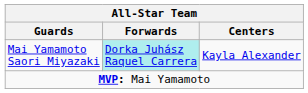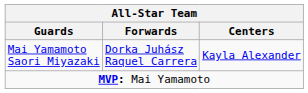 <table class=wikitable style="margin:auto">
 <tr>
 <th colspan=3 align=center>All-Star Team</th>
 </tr>
 <tr>
 <th>Guards</th>
 <th>Forwards</th>
 <th>Centers</th>
 </tr>
 <tr>
 <td> <a href='#'>Mai Yamamoto</a><br> <a href='#'>Saori Miyazaki</a></td>
-<td valign=center style="background: paleturquoise;"> <a href='#'>Dorka Juhász</a><br> <a href='#'>Raquel Carrera</a></td>
+<td valign=center> <a href='#'>Dorka Juhász</a><br> <a href='#'>Raquel Carrera</a></td>
 <td> <a href='#'>Kayla Alexander</a></td>
 </tr>
 <tr>
 <td colspan=3 align=center><strong><a href='#'>MVP</a>:</strong>  Mai Yamamoto</td>
 </tr>
 </table>
